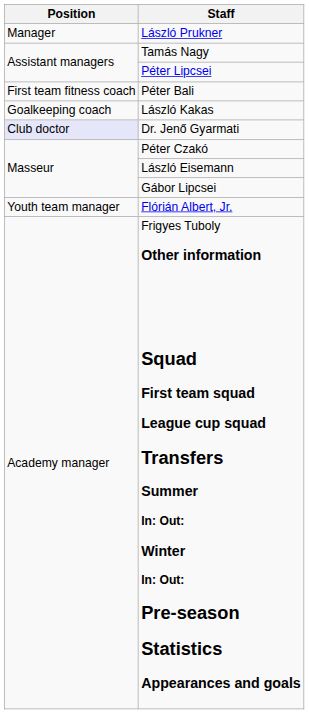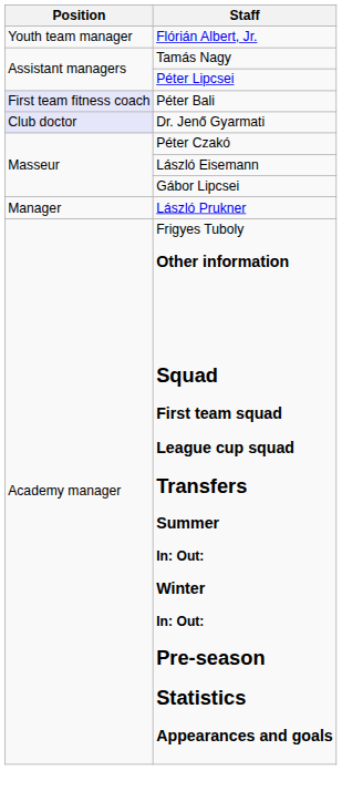 <table class="wikitable">
 <tr>
 <th>Position</th>
 <th>Staff</th>
 </tr>
 <tr>
-<td>Manager</td>
-<td> <a href='#'>László Prukner</a></td>
+<td>Youth team manager</td>
+<td> <a href='#'>Flórián Albert, Jr.</a></td>
 </tr>
 <tr>
 <td rowspan="2">Assistant managers</td>
 <td> Tamás Nagy</td>
 </tr>
 <tr>
 <td> <a href='#'>Péter Lipcsei</a></td>
 </tr>
 <tr>
-<td>First team fitness coach</td>
+<td style="background: lavender;">First team fitness coach</td>
 <td> Péter Bali</td>
-</tr>
-<tr>
-<td>Goalkeeping coach</td>
-<td> László Kakas</td>
 </tr>
 <tr>
 <td rowspan="1" style="background: lavender;">Club doctor</td>
 <td> Dr. Jenő Gyarmati</td>
 </tr>
 <tr>
 <td rowspan="3">Masseur</td>
 <td> Péter Czakó</td>
 </tr>
 <tr>
 <td> László Eisemann</td>
 </tr>
 <tr>
 <td> Gábor Lipcsei</td>
 </tr>
 <tr>
-<td>Youth team manager</td>
-<td> <a href='#'>Flórián Albert, Jr.</a></td>
+<td>Manager</td>
+<td> <a href='#'>László Prukner</a></td>
 </tr>
 <tr>
 <td>Academy manager</td>
 <td> Frigyes Tuboly<br> <h3>Other information</h3><br><br><br><br> <h2>Squad</h2><h3>First team squad</h3>                          <h3>League cup squad</h3>                  <h2>Transfers</h2><h3>Summer</h3>  <strong>In:</strong>                      <strong>Out:</strong>                <h3>Winter</h3>  <strong>In:</strong>      <strong>Out:</strong>                   <br> <h2>Pre-season</h2><h2>Statistics</h2><h3>Appearances and goals</h3>                                                  </td>
 </tr>
 </table>
